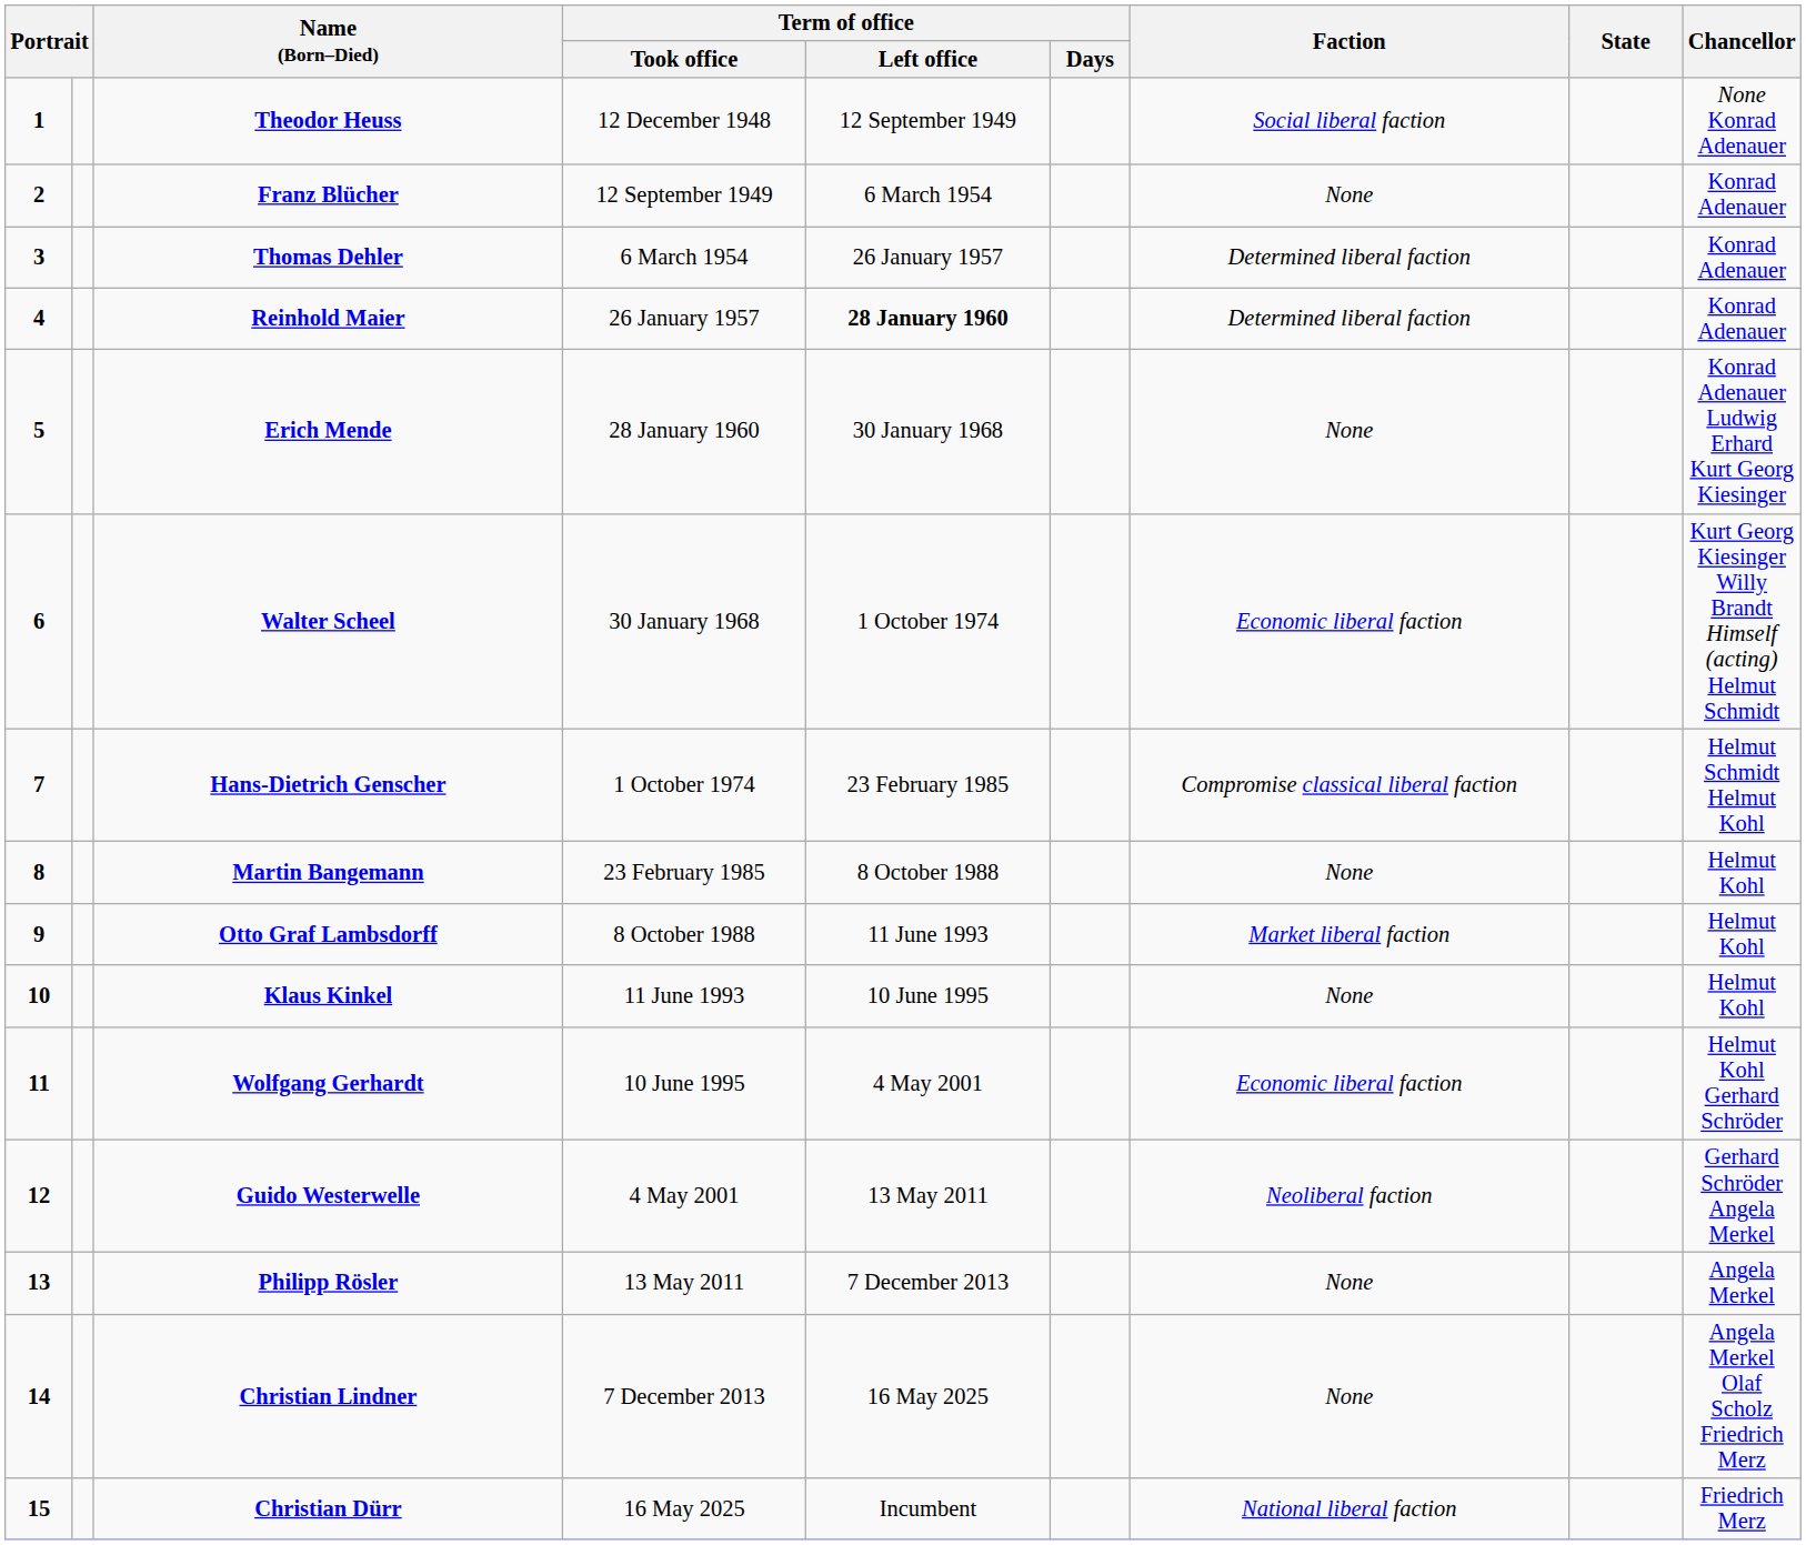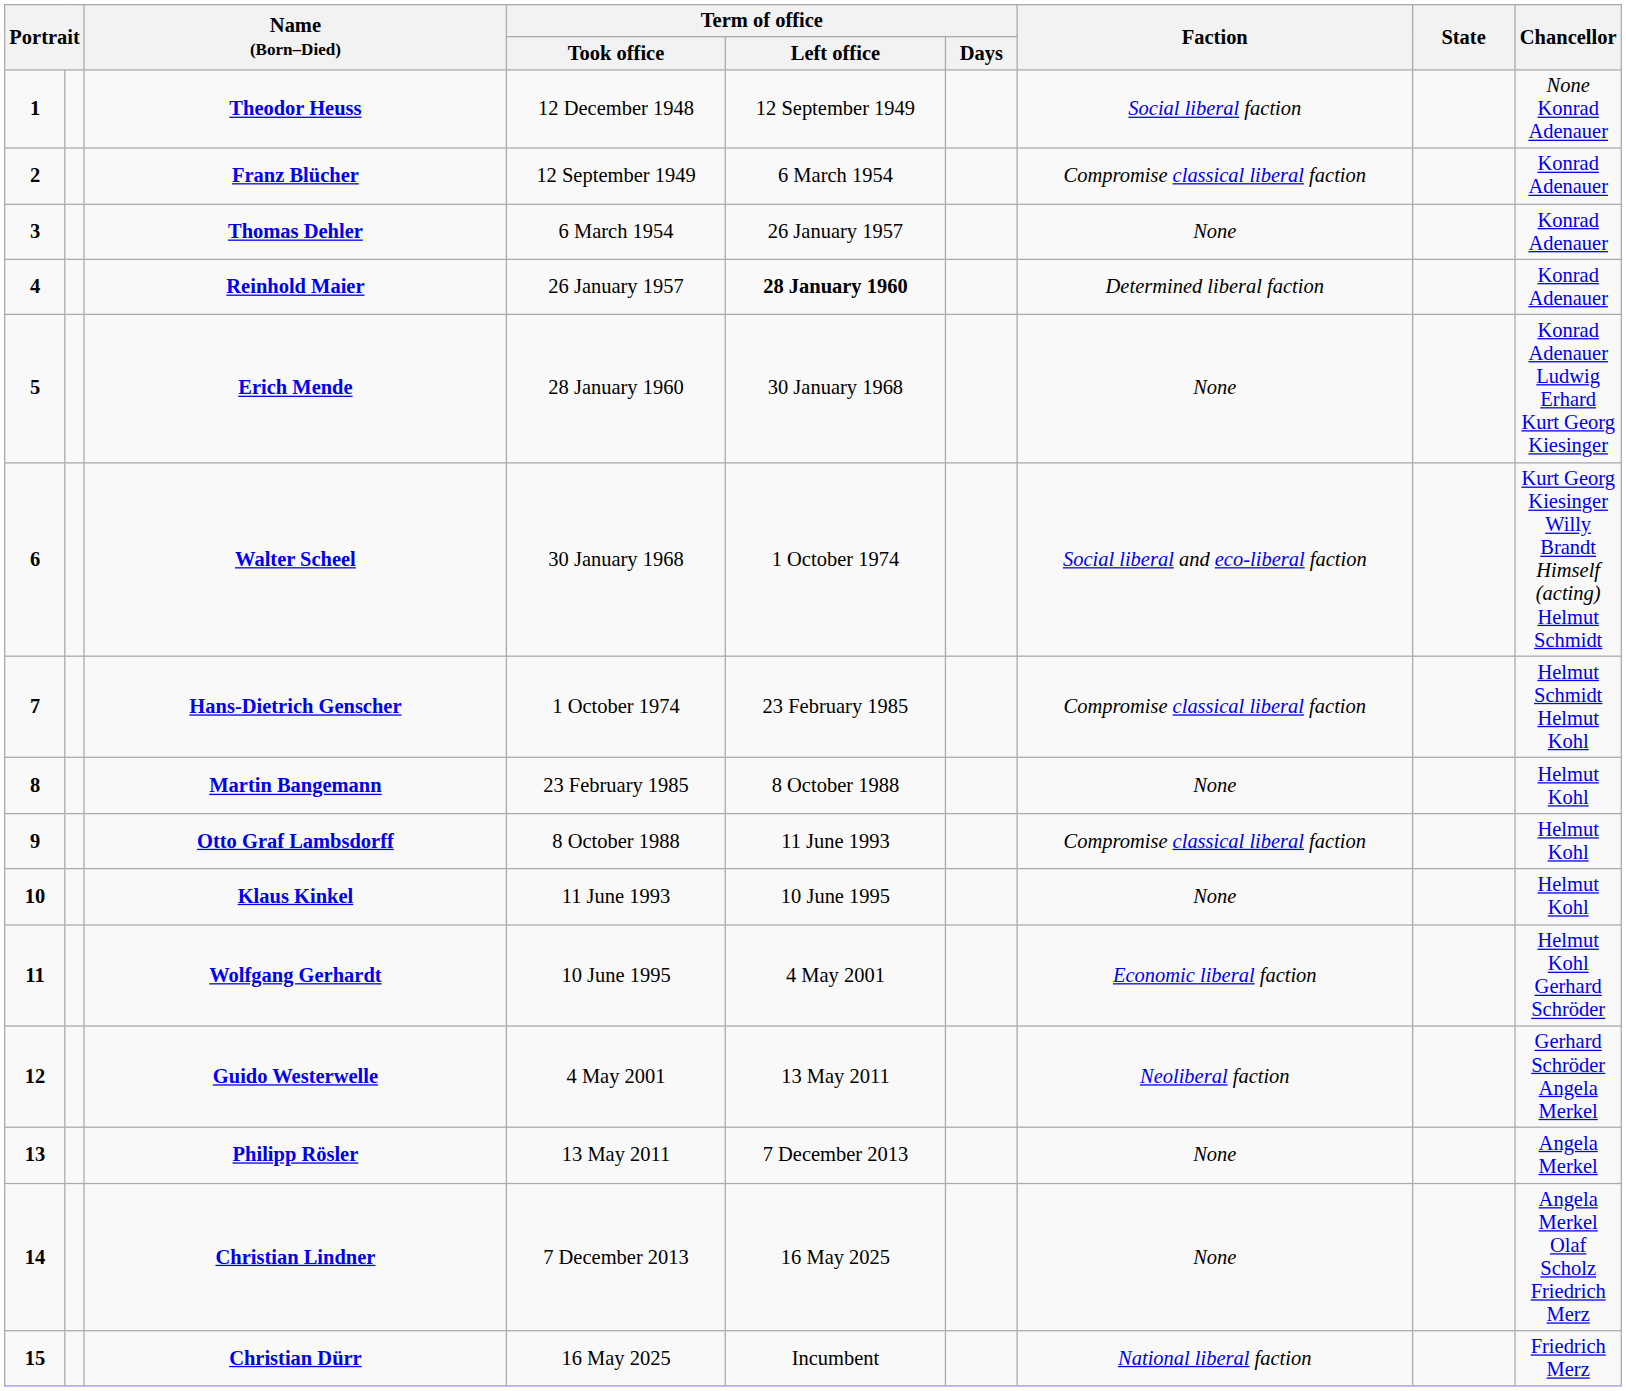 <table class="wikitable" style="text-align:center; width:100%; border:1px #AAAAFF solid">
 <tr>
 <th width=80px rowspan=2 colspan=2>Portrait</th>
 <th width=30% rowspan=2>Name<br><small>(Born–Died)</small></th>
 <th width=35% colspan=3>Term of office</th>
 <th width=28% rowspan=2>Faction</th>
 <th width=28% rowspan=2>State</th>
 <th width=28% rowspan=2>Chancellor</th>
 </tr>
 <tr>
 <th>Took office</th>
 <th>Left office</th>
 <th>Days</th>
 </tr>
 <tr>
 <td style="background:"><strong>1</strong></td>
 <td></td>
 <td><strong><a href='#'>Theodor Heuss</a></strong><br></td>
 <td>12 December 1948</td>
 <td>12 September 1949</td>
 <td></td>
 <td><em><a href='#'>Social liberal</a> faction</em></td>
 <td></td>
 <td><em>None</em><br><a href='#'>Konrad Adenauer</a></td>
 </tr>
 <tr>
 <td style="background:"><strong>2</strong></td>
 <td></td>
 <td><strong><a href='#'>Franz Blücher</a></strong><br></td>
 <td>12 September 1949</td>
 <td>6 March 1954</td>
 <td></td>
-<td><em>None</em></td>
+<td><em>Compromise <a href='#'>classical liberal</a> faction</em></td>
 <td></td>
 <td><a href='#'>Konrad Adenauer</a></td>
 </tr>
 <tr>
 <td style="background:"><strong>3</strong></td>
 <td></td>
 <td><strong><a href='#'>Thomas Dehler</a></strong><br></td>
 <td>6 March 1954</td>
 <td>26 January 1957</td>
 <td></td>
-<td><em>Determined liberal faction</em></td>
+<td><em>None</em></td>
 <td></td>
 <td><a href='#'>Konrad Adenauer</a></td>
 </tr>
 <tr>
 <td style="background:"><strong>4</strong></td>
 <td></td>
 <td><strong><a href='#'>Reinhold Maier</a></strong><br></td>
 <td>26 January 1957</td>
 <td><strong>28 January 1960</strong></td>
 <td></td>
 <td><em>Determined liberal faction</em></td>
 <td></td>
 <td><a href='#'>Konrad Adenauer</a></td>
 </tr>
 <tr>
 <td style="background:"><strong>5</strong></td>
 <td></td>
 <td><strong><a href='#'>Erich Mende</a></strong><br></td>
 <td>28 January 1960</td>
 <td>30 January 1968</td>
 <td></td>
 <td><em>None</em></td>
 <td></td>
 <td><a href='#'>Konrad Adenauer</a><br><a href='#'>Ludwig Erhard</a><br><a href='#'>Kurt Georg Kiesinger</a></td>
 </tr>
 <tr>
 <td style="background:"><strong>6</strong></td>
 <td></td>
 <td><strong><a href='#'>Walter Scheel</a></strong><br></td>
 <td>30 January 1968</td>
 <td>1 October 1974</td>
 <td></td>
-<td><em><a href='#'>Economic liberal</a> faction</em></td>
+<td><em><a href='#'>Social liberal</a> and <a href='#'>eco-liberal</a> faction</em></td>
 <td></td>
 <td><a href='#'>Kurt Georg Kiesinger</a><br><a href='#'>Willy Brandt</a><br><em>Himself</em> <em>(acting)</em><br><a href='#'>Helmut Schmidt</a></td>
 </tr>
 <tr>
 <td style="background:"><strong>7</strong></td>
 <td></td>
 <td><strong><a href='#'>Hans-Dietrich Genscher</a></strong><br></td>
 <td>1 October 1974</td>
 <td>23 February 1985</td>
 <td></td>
 <td><em>Compromise <a href='#'>classical liberal</a> faction</em></td>
 <td></td>
 <td><a href='#'>Helmut Schmidt</a><br><a href='#'>Helmut Kohl</a></td>
 </tr>
 <tr>
 <td style="background:"><strong>8</strong></td>
 <td></td>
 <td><strong><a href='#'>Martin Bangemann</a></strong><br></td>
 <td>23 February 1985</td>
 <td>8 October 1988</td>
 <td></td>
 <td><em>None </em></td>
 <td></td>
 <td><a href='#'>Helmut Kohl</a></td>
 </tr>
 <tr>
 <td style="background:"><strong>9</strong></td>
 <td></td>
 <td><strong><a href='#'>Otto Graf Lambsdorff</a></strong><br></td>
 <td>8 October 1988</td>
 <td>11 June 1993</td>
 <td></td>
-<td><em><a href='#'>Market liberal</a> faction</em></td>
+<td><em>Compromise <a href='#'>classical liberal</a> faction</em></td>
 <td></td>
 <td><a href='#'>Helmut Kohl</a></td>
 </tr>
 <tr>
 <td style="background:"><strong>10</strong></td>
 <td></td>
 <td><strong><a href='#'>Klaus Kinkel</a></strong><br></td>
 <td>11 June 1993</td>
 <td>10 June 1995</td>
 <td></td>
 <td><em>None </em></td>
 <td></td>
 <td><a href='#'>Helmut Kohl</a></td>
 </tr>
 <tr>
 <td style="background:"><strong>11</strong></td>
 <td></td>
 <td><strong><a href='#'>Wolfgang Gerhardt</a></strong><br></td>
 <td>10 June 1995</td>
 <td>4 May 2001</td>
 <td></td>
 <td><em><a href='#'>Economic liberal</a> faction</em></td>
 <td></td>
 <td><a href='#'>Helmut Kohl</a><br><a href='#'>Gerhard Schröder</a></td>
 </tr>
 <tr>
 <td style="background:"><strong>12</strong></td>
 <td></td>
 <td><strong><a href='#'>Guido Westerwelle</a></strong><br></td>
 <td>4 May 2001</td>
 <td>13 May 2011</td>
 <td></td>
 <td><em><a href='#'>Neoliberal</a> faction</em></td>
 <td></td>
 <td><a href='#'>Gerhard Schröder</a><br><a href='#'>Angela Merkel</a></td>
 </tr>
 <tr>
 <td style="background:"><strong>13</strong></td>
 <td></td>
 <td><strong><a href='#'>Philipp Rösler</a></strong><br></td>
 <td>13 May 2011</td>
 <td>7 December 2013</td>
 <td></td>
 <td><em>None</em></td>
 <td></td>
 <td><a href='#'>Angela Merkel</a></td>
 </tr>
 <tr>
 <td style="background:"><strong>14</strong></td>
 <td></td>
 <td><strong><a href='#'>Christian Lindner</a></strong><br></td>
 <td>7 December 2013</td>
 <td>16 May 2025</td>
 <td></td>
 <td><em>None</em></td>
 <td></td>
 <td><a href='#'>Angela Merkel</a><br><a href='#'>Olaf Scholz</a><br><a href='#'>Friedrich Merz</a></td>
 </tr>
 <tr>
 <td style="background:"><strong>15</strong></td>
 <td></td>
 <td><strong><a href='#'>Christian Dürr</a></strong><br></td>
 <td>16 May 2025</td>
 <td>Incumbent</td>
 <td></td>
 <td><em><a href='#'>National liberal</a> faction</em></td>
 <td></td>
 <td><a href='#'>Friedrich Merz</a></td>
 </tr>
 <tr>
 </tr>
 </table>
